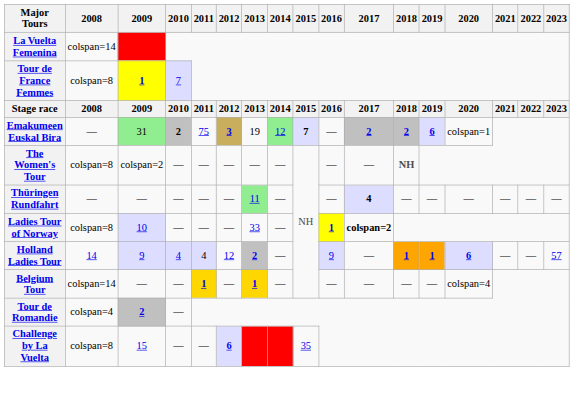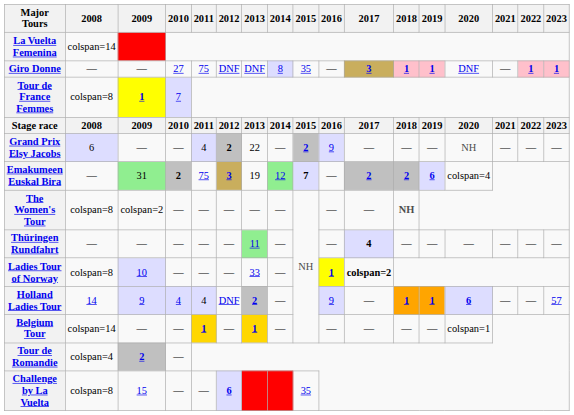 <table class="wikitable plainrowheaders">
 <tr style="background:#EEEEEE;">
 <th>Major Tours</th>
 <th>2008</th>
 <th>2009</th>
 <th>2010</th>
 <th>2011</th>
 <th>2012</th>
 <th>2013</th>
 <th>2014</th>
 <th>2015</th>
 <th>2016</th>
 <th>2017</th>
 <th>2018</th>
 <th>2019</th>
 <th>2020</th>
 <th>2021</th>
 <th>2022</th>
 <th>2023</th>
 </tr>
 <tr style="text-align:center;">
 <th scope="row"><a href='#'>La Vuelta Femenina</a></th>
 <td>colspan=14 </td>
 <td style="background:red;"></td>
+</tr>
+<tr style="text-align:center;">
+<th scope="row"><a href='#'>Giro Donne</a></th>
+<td>—</td>
+<td>—</td>
+<td><a href='#'>27</a></td>
+<td><a href='#'>75</a></td>
+<td><a href='#'>DNF</a></td>
+<td><a href='#'>DNF</a></td>
+<td style="background:#ddf;"><a href='#'>8</a></td>
+<td><a href='#'>35</a></td>
+<td>—</td>
+<td style="background:#C9AE5D;"><a href='#'><strong>3</strong></a></td>
+<td style="background:pink;"><a href='#'><strong>1</strong></a></td>
+<td style="background:pink;"><a href='#'><strong>1</strong></a></td>
+<td><a href='#'>DNF</a></td>
+<td>—</td>
+<td style="background:pink;"><a href='#'><strong>1</strong></a></td>
+<td style="background:pink;"><a href='#'><strong>1</strong></a></td>
 </tr>
 <tr style="text-align:center;">
 <th scope="row"><a href='#'>Tour de France Femmes</a></th>
 <td>colspan=8 </td>
 <td style="background:yellow;"><a href='#'><strong>1</strong></a></td>
 <td style="background:#ddf;"><a href='#'>7</a></td>
 </tr>
 <tr style="background:#EEEEEE;">
 <th>Stage race</th>
 <th>2008</th>
 <th>2009</th>
 <th>2010</th>
 <th>2011</th>
 <th>2012</th>
 <th>2013</th>
 <th>2014</th>
 <th>2015</th>
 <th>2016</th>
 <th>2017</th>
 <th>2018</th>
 <th>2019</th>
 <th>2020</th>
 <th>2021</th>
 <th>2022</th>
 <th>2023</th>
 </tr>
 <tr style="text-align:center;">
+<th scope="row"><a href='#'>Grand Prix Elsy Jacobs</a></th>
+<td style="background:#ddf;">6</td>
+<td>—</td>
+<td>—</td>
+<td style="background:#ddf;">4</td>
+<td style="background:silver;"><strong>2</strong></td>
+<td>22</td>
+<td>—</td>
+<td style="background:silver;"><a href='#'><strong>2</strong></a></td>
+<td style="background:#ddf;"><a href='#'>9</a></td>
+<td>—</td>
+<td>—</td>
+<td>—</td>
+<td style="color:#4d4d4d;">NH</td>
+<td>—</td>
+<td>—</td>
+<td>—</td>
+</tr>
+<tr style="text-align:center;">
 <th scope="row"><a href='#'>Emakumeen Euskal Bira</a></th>
 <td>—</td>
 <td style="background: lightgreen;">31</td>
 <td style="background:silver;"><strong>2</strong></td>
 <td><a href='#'>75</a></td>
 <td style="background:#C9AE5D;"><a href='#'><strong>3</strong></a></td>
 <td>19</td>
 <td style="background: lightgreen;"><a href='#'>12</a></td>
 <td style="background:#ddf;"><strong>7</strong></td>
 <td>—</td>
 <td style="background:silver;"><a href='#'><strong>2</strong></a></td>
 <td style="background:silver;"><a href='#'><strong>2</strong></a></td>
 <td style="background:#ddf;"><strong><a href='#'>6</a></strong></td>
-<td>colspan=1 </td>
+<td>colspan=4 </td>
 </tr>
 <tr style="text-align:center;">
 <th scope="row"><a href='#'>The Women's Tour</a></th>
 <td>colspan=8 </td>
 <td>colspan=2 </td>
 <td>—</td>
 <td>—</td>
 <td>—</td>
 <td>—</td>
 <td>—</td>
 <td style="color:#4d4d4d;" rowspan=5>NH</td>
 <td>—</td>
 <td>—</td>
 <td style="color:#4d4d4d;"><strong>NH</strong></td>
 </tr>
 <tr style="text-align:center;">
 <th scope="row"><a href='#'>Thüringen Rundfahrt</a></th>
 <td>—</td>
 <td>—</td>
 <td>—</td>
 <td>—</td>
 <td>—</td>
 <td style="background: lightgreen;"><a href='#'>11</a></td>
 <td>—</td>
 <td>—</td>
 <td style="background:#ddf;"><strong>4</strong></td>
 <td>—</td>
 <td>—</td>
 <td>—</td>
 <td>—</td>
 <td>—</td>
 <td>—</td>
 </tr>
 <tr style="text-align:center;">
 <th scope="row"><a href='#'>Ladies Tour of Norway</a></th>
 <td>colspan=8 </td>
 <td style="background:#ddf;"><a href='#'>10</a></td>
 <td>—</td>
 <td>—</td>
 <td>—</td>
 <td><a href='#'>33</a></td>
 <td>—</td>
 <td style="background:yellow"><a href='#'><strong>1</strong></a></td>
 <td><strong>colspan=2 </strong></td>
 </tr>
 <tr style="text-align:center;">
 <th scope="row"><a href='#'>Holland Ladies Tour</a></th>
 <td><a href='#'>14</a></td>
 <td style="background:#ddf;"><a href='#'>9</a></td>
 <td style="background:#ddf;"><a href='#'>4</a></td>
 <td style="background:#ddf;">4</td>
-<td><a href='#'>12</a></td>
+<td><a href='#'>DNF</a></td>
 <td style="background:silver;"><a href='#'><strong>2</strong></a></td>
 <td>—</td>
 <td style="background:#ddf;"><a href='#'>9</a></td>
 <td>—</td>
 <td style="background:orange;"><a href='#'><strong>1</strong></a></td>
 <td style="background:orange;"><a href='#'><strong>1</strong></a></td>
 <td style="background:#ddf;"><strong><a href='#'>6</a></strong></td>
 <td>—</td>
 <td>—</td>
 <td><a href='#'>57</a></td>
 </tr>
 <tr style="text-align:center;">
 <th scope="row"><a href='#'>Belgium Tour</a></th>
 <td>colspan=14 </td>
 <td>—</td>
 <td>—</td>
 <td style="background:gold;"><a href='#'><strong>1</strong></a></td>
 <td>—</td>
 <td style="background:gold;"><a href='#'><strong>1</strong></a></td>
 <td>—</td>
 <td>—</td>
 <td>—</td>
 <td>—</td>
 <td>—</td>
-<td>colspan=4 </td>
+<td>colspan=1 </td>
 </tr>
 <tr style="text-align:center;">
 <th scope="row"><a href='#'>Tour de Romandie</a></th>
 <td>colspan=4 </td>
 <td style="background:silver;"><a href='#'><strong>2</strong></a></td>
 <td>—</td>
 </tr>
 <tr style="text-align:center;">
 <th scope="row"><a href='#'>Challenge by La Vuelta</a></th>
 <td>colspan=8 </td>
 <td><a href='#'>15</a></td>
 <td>—</td>
 <td>—</td>
 <td style="background:#ddf;"><strong><a href='#'>6</a></strong></td>
 <td style="background:red;"></td>
 <td style="background:red;"></td>
 <td><a href='#'>35</a></td>
 </tr>
 </table>
